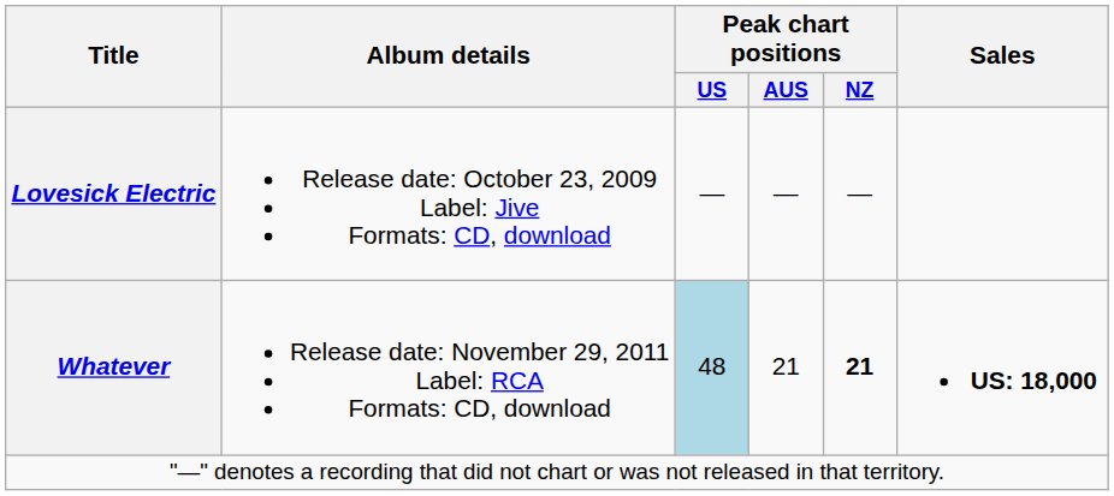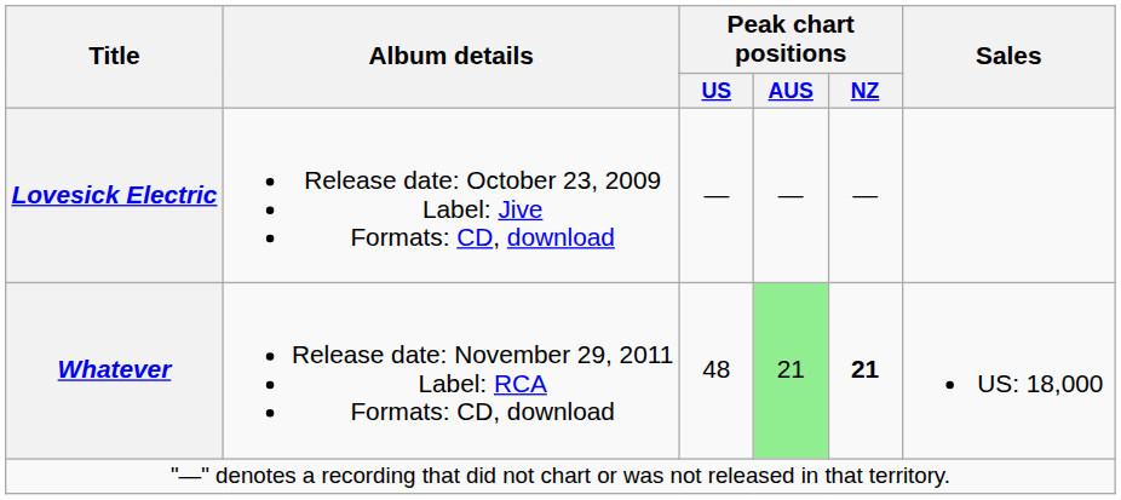 <table class="wikitable plainrowheaders" style="text-align:center;">
 <tr>
 <th scope="col" rowspan="2">Title</th>
 <th scope="col" rowspan="2">Album details</th>
 <th scope="col" colspan="3">Peak chart positions</th>
 <th scope="col" rowspan="2" style="width:8em;">Sales</th>
 </tr>
 <tr>
 <th scope="col" style="width:3em;font-size:85%;"><a href='#'>US</a><br></th>
 <th scope="col" style="width:3em;font-size:85%;"><a href='#'>AUS</a><br></th>
 <th scope="col" style="width:3em;font-size:85%;"><a href='#'>NZ</a><br></th>
 </tr>
 <tr>
 <th scope="row"><em><a href='#'>Lovesick Electric</a></em></th>
 <td><br><ul><li>Release date: October 23, 2009</li><li>Label: <a href='#'>Jive</a></li><li>Formats: <a href='#'>CD</a>, <a href='#'>download</a></li></ul></td>
 <td>—</td>
 <td>—</td>
 <td>—</td>
 <td></td>
 </tr>
 <tr>
 <th scope="row"><em><a href='#'>Whatever</a></em></th>
 <td><br><ul><li>Release date: November 29, 2011</li><li>Label: <a href='#'>RCA</a></li><li>Formats: CD, download</li></ul></td>
-<td style="background: lightblue;">48</td>
-<td>21</td>
+<td>48</td>
+<td style="background: lightgreen;">21</td>
 <td><strong>21</strong></td>
-<td><strong><br><ul><li>US: 18,000</li></ul></strong></td>
+<td><br><ul><li>US: 18,000</li></ul></td>
 </tr>
 <tr>
 <td colspan="8" style="font-size:90%">"—" denotes a recording that did not chart or was not released in that territory.</td>
 </tr>
 </table>
